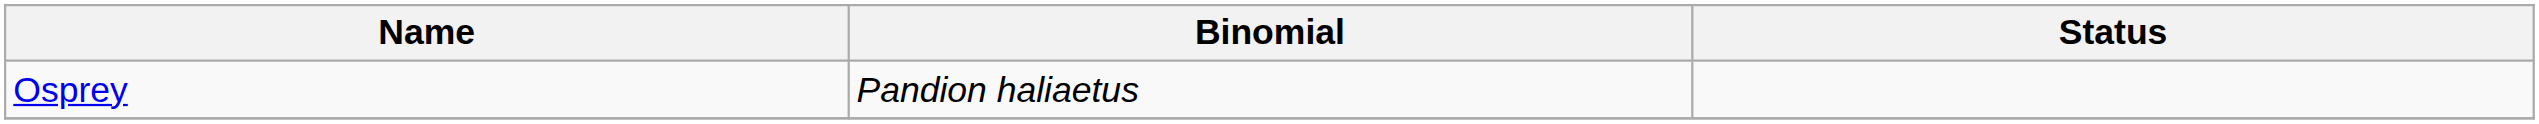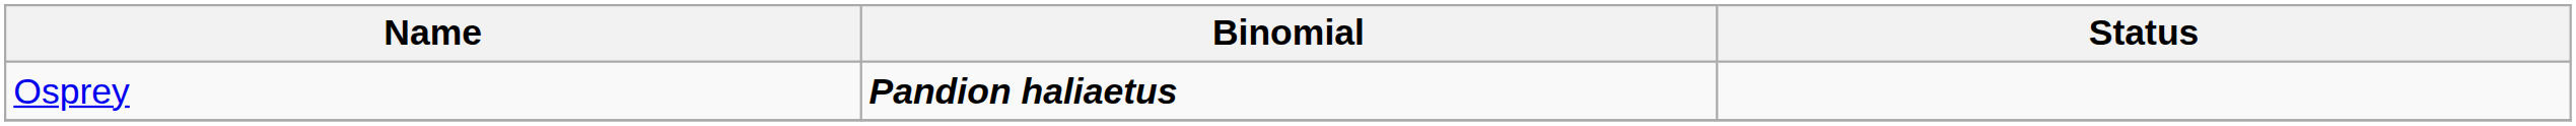 <table width=72% class="wikitable">
 <tr>
 <th width=24%>Name</th>
 <th width=24%>Binomial</th>
 <th width=24%>Status</th>
 </tr>
 <tr>
 <td><a href='#'>Osprey</a></td>
-<td><em>Pandion haliaetus</em></td>
+<td><strong><em>Pandion haliaetus</em></strong></td>
 <td></td>
 </tr>
 <tr>
 </tr>
 </table>
